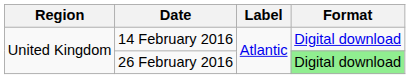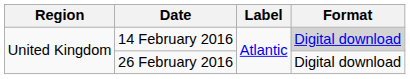 <table class="wikitable plainrowheaders">
 <tr>
 <th scope="col">Region</th>
 <th scope="col">Date</th>
 <th scope="col">Label</th>
 <th scope="col">Format</th>
 </tr>
 <tr>
 <td rowspan="2">United Kingdom</td>
 <td>14 February 2016</td>
 <td rowspan="2"><a href='#'>Atlantic</a></td>
-<td><a href='#'>Digital download</a> </td>
+<td style="background: lightgrey;"><a href='#'>Digital download</a> </td>
 </tr>
 <tr>
 <td>26 February 2016</td>
-<td style="background: lightgreen;">Digital download</td>
+<td>Digital download</td>
 </tr>
 </table>
